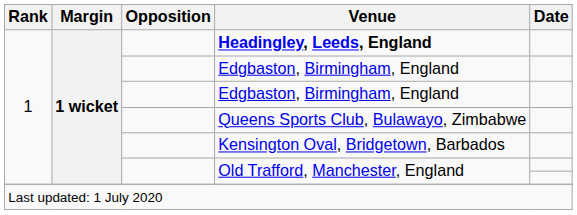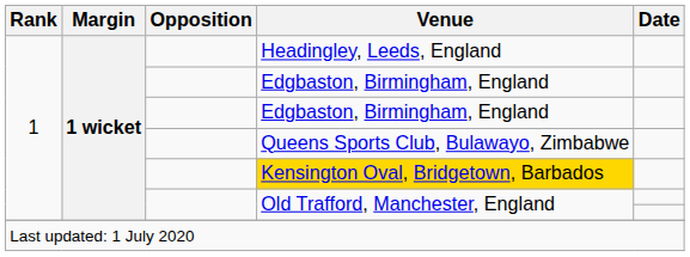 <table class="wikitable plainrowheaders sortable">
 <tr>
 <th scope=col>Rank</th>
 <th scope=col>Margin</th>
 <th scope=col>Opposition</th>
 <th scope=col>Venue</th>
 <th scope=col>Date</th>
 </tr>
 <tr>
 <td align=center rowspan=7>1</td>
 <th scope=row style=text-align:center; rowspan=7>1 wicket</th>
 <td></td>
-<td><strong><a href='#'>Headingley</a>, <a href='#'>Leeds</a>, England</strong></td>
+<td><a href='#'>Headingley</a>, <a href='#'>Leeds</a>, England</td>
 <td></td>
 </tr>
 <tr>
 <td></td>
 <td><a href='#'>Edgbaston</a>, <a href='#'>Birmingham</a>, England</td>
 <td></td>
 </tr>
 <tr>
 <td></td>
 <td><a href='#'>Edgbaston</a>, <a href='#'>Birmingham</a>, England</td>
 <td></td>
 </tr>
 <tr>
 <td></td>
 <td><a href='#'>Queens Sports Club</a>, <a href='#'>Bulawayo</a>, Zimbabwe</td>
 <td></td>
 </tr>
 <tr>
 <td></td>
-<td><a href='#'>Kensington Oval</a>, <a href='#'>Bridgetown</a>, Barbados</td>
+<td style="background: gold;"><a href='#'>Kensington Oval</a>, <a href='#'>Bridgetown</a>, Barbados</td>
 <td> </td>
 </tr>
 <tr>
 <td rowspan=2></td>
 <td rowspan=2><a href='#'>Old Trafford</a>, <a href='#'>Manchester</a>, England</td>
 <td></td>
 </tr>
 <tr>
 <td></td>
 </tr>
 <tr>
 </tr>
 <tr class=sortbottom>
 <td colspan="5"><small>Last updated: 1 July 2020</small></td>
 </tr>
 </table>
